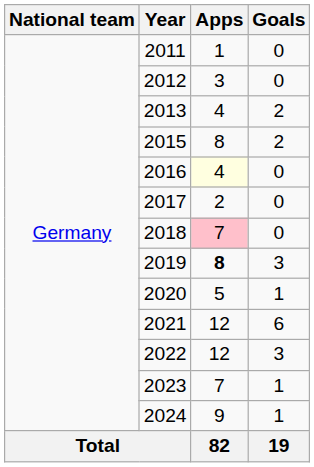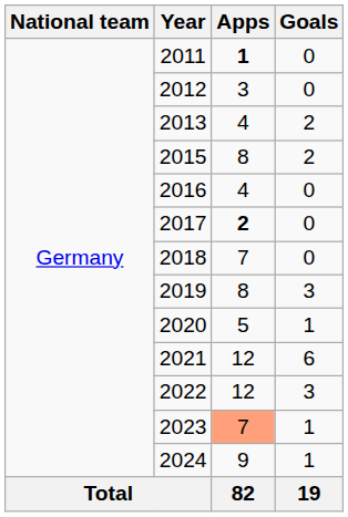 <table class="wikitable" style="text-align: center;">
 <tr>
 <th>National team</th>
 <th>Year</th>
 <th>Apps</th>
 <th>Goals</th>
 </tr>
 <tr>
 <td rowspan="13"><a href='#'>Germany</a></td>
 <td>2011</td>
-<td>1</td>
+<td><strong>1</strong></td>
 <td>0</td>
 </tr>
 <tr>
 <td>2012</td>
 <td>3</td>
 <td>0</td>
 </tr>
 <tr>
 <td>2013</td>
 <td>4</td>
 <td>2</td>
 </tr>
 <tr>
 <td>2015</td>
 <td>8</td>
 <td>2</td>
 </tr>
 <tr>
 <td>2016</td>
-<td style="background: lightyellow;">4</td>
+<td>4</td>
 <td>0</td>
 </tr>
 <tr>
 <td>2017</td>
-<td>2</td>
+<td><strong>2</strong></td>
 <td>0</td>
 </tr>
 <tr>
 <td>2018</td>
-<td style="background: pink;">7</td>
+<td>7</td>
 <td>0</td>
 </tr>
 <tr>
 <td>2019</td>
-<td><strong>8</strong></td>
+<td>8</td>
 <td>3</td>
 </tr>
 <tr>
 <td>2020</td>
 <td>5</td>
 <td>1</td>
 </tr>
 <tr>
 <td>2021</td>
 <td>12</td>
 <td>6</td>
 </tr>
 <tr>
 <td>2022</td>
 <td>12</td>
 <td>3</td>
 </tr>
 <tr>
 <td>2023</td>
-<td>7</td>
+<td style="background: lightsalmon;">7</td>
 <td>1</td>
 </tr>
 <tr>
 <td>2024</td>
 <td>9</td>
 <td>1</td>
 </tr>
 <tr>
 <th colspan="2">Total</th>
 <th>82</th>
 <th>19</th>
 </tr>
 </table>
